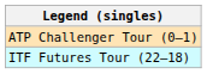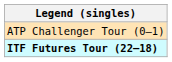 <table class=wikitable style=font-size:97%>
 <tr>
 <th>Legend (singles)</th>
 </tr>
 <tr bgcolor=moccasin>
 <td>ATP Challenger Tour (0–1)</td>
 </tr>
 <tr bgcolor=cffcff>
-<td>ITF Futures Tour (22–18)</td>
+<td><strong>ITF Futures Tour (22–18)</strong></td>
 </tr>
 </table>
